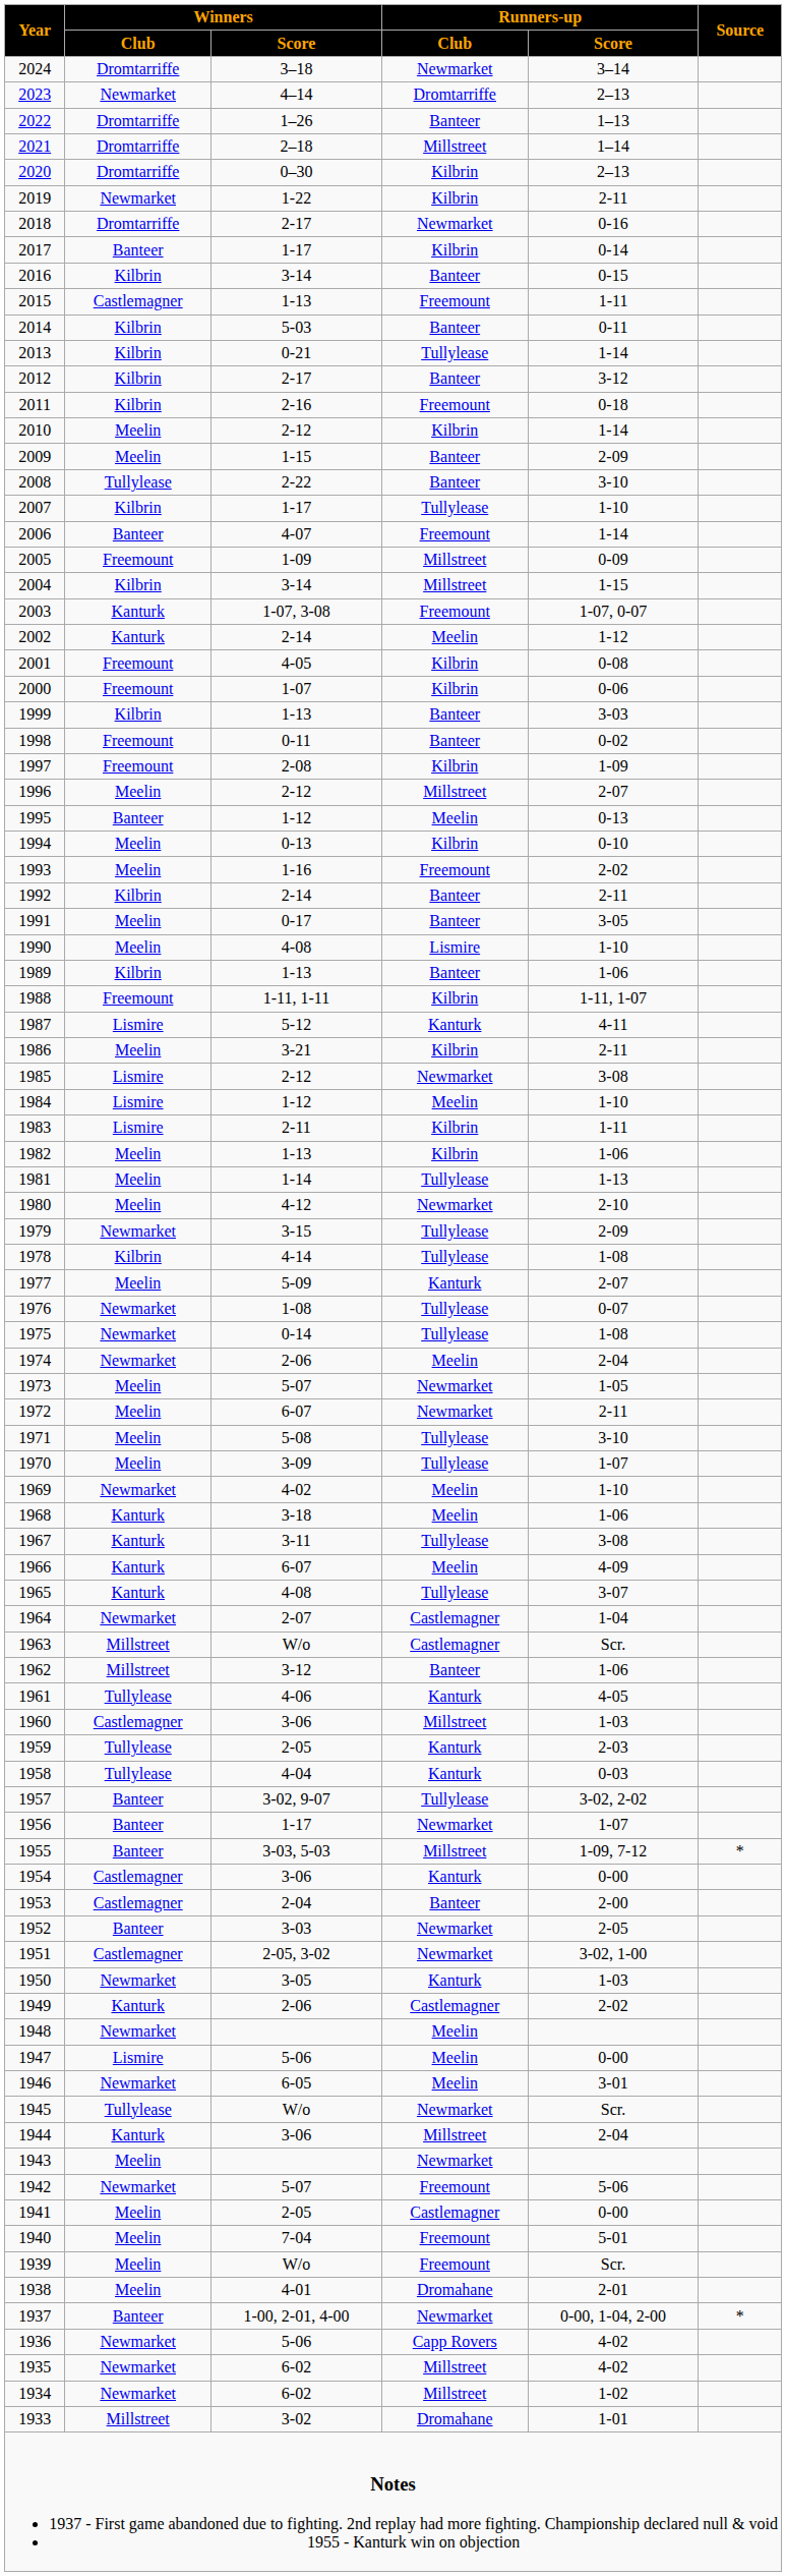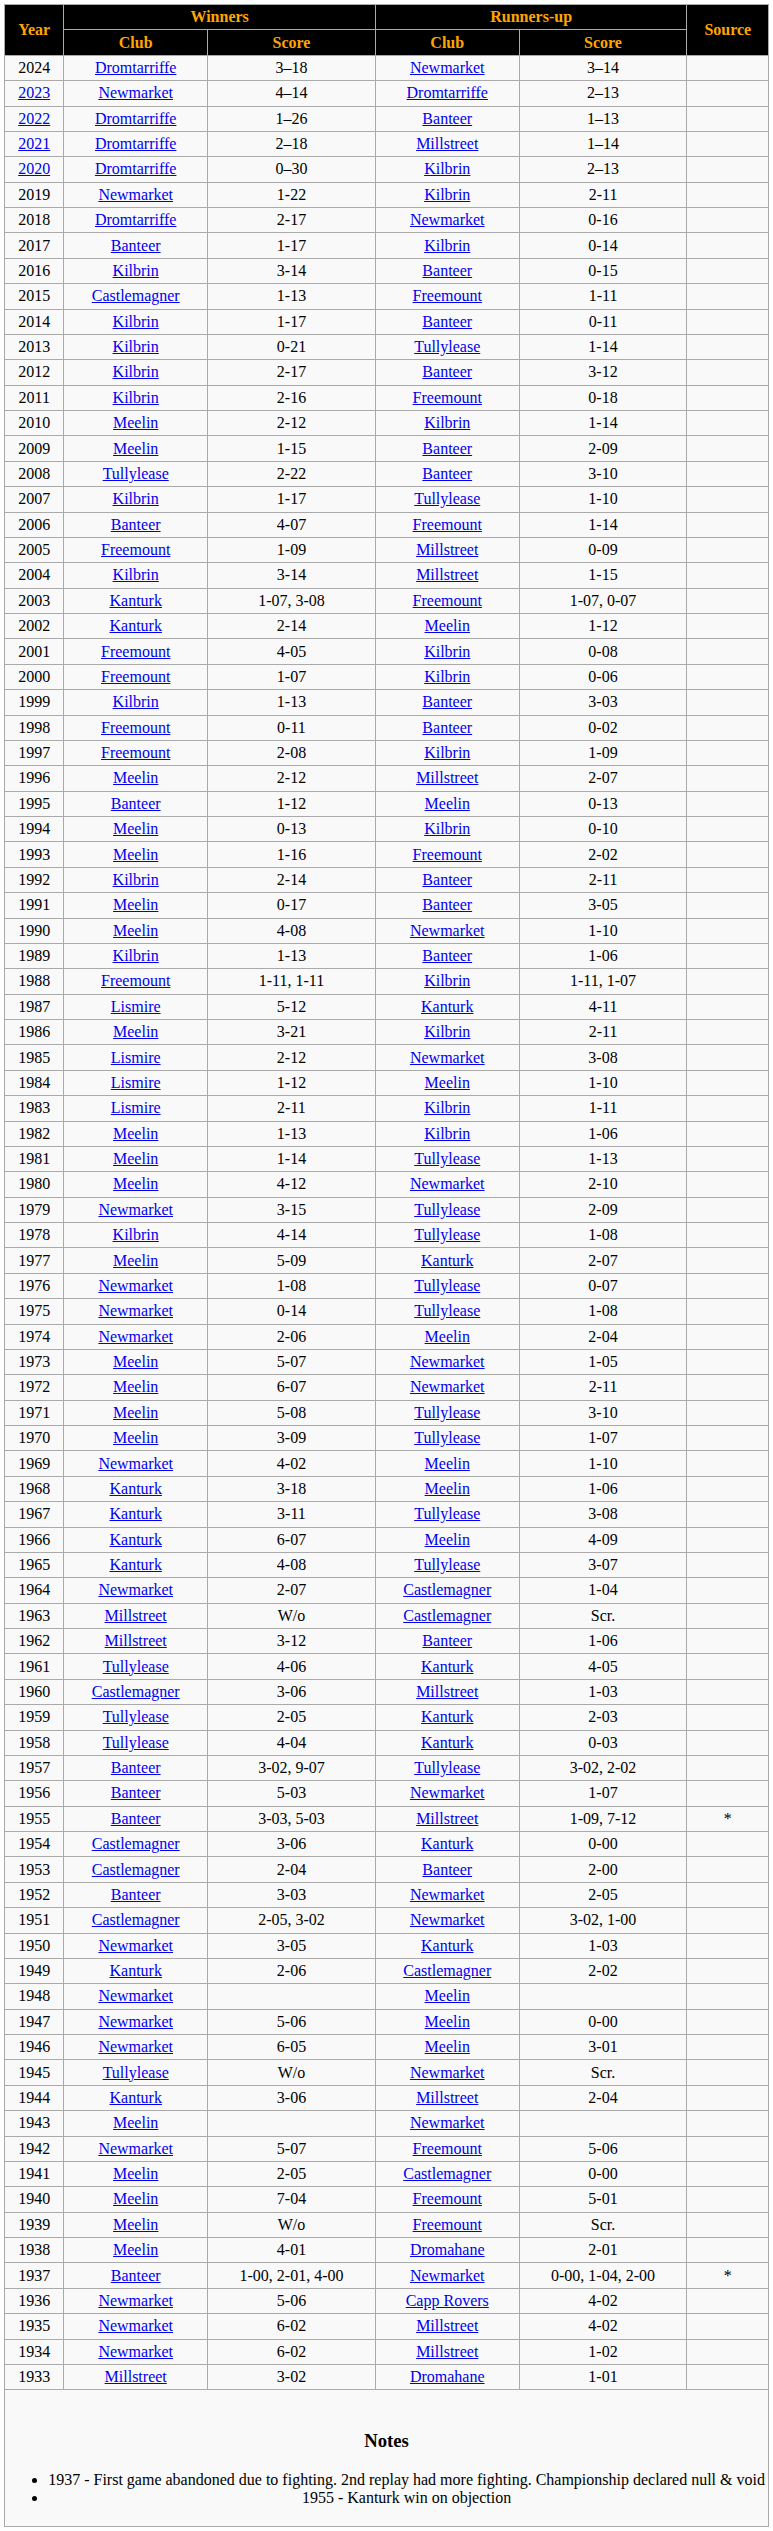 <table class="wikitable sortable" style="text-align:center">
 <tr>
 <th rowspan="2" style="background:black;color:orange">Year</th>
 <th colspan="2" style="background:black;color:orange">Winners</th>
 <th colspan="2" style="background:black;color:orange">Runners-up</th>
 <th rowspan="2" ! style="background:black;color:orange">Source</th>
 </tr>
 <tr>
 <th style="background:black;color:orange">Club</th>
 <th style="background:black;color:orange">Score</th>
 <th style="background:black;color:orange">Club</th>
 <th style="background:black;color:orange">Score</th>
 </tr>
 <tr>
 <td>2024</td>
 <td><a href='#'>Dromtarriffe</a></td>
 <td>3–18</td>
 <td><a href='#'>Newmarket</a></td>
 <td>3–14</td>
 <td></td>
 </tr>
 <tr>
 <td><a href='#'>2023</a></td>
 <td><a href='#'>Newmarket</a></td>
 <td>4–14</td>
 <td><a href='#'>Dromtarriffe</a></td>
 <td>2–13</td>
 <td></td>
 </tr>
 <tr>
 <td><a href='#'>2022</a></td>
 <td><a href='#'>Dromtarriffe</a></td>
 <td>1–26</td>
 <td><a href='#'>Banteer</a></td>
 <td>1–13</td>
 <td></td>
 </tr>
 <tr>
 <td><a href='#'>2021</a></td>
 <td><a href='#'>Dromtarriffe</a></td>
 <td>2–18</td>
 <td><a href='#'>Millstreet</a></td>
 <td>1–14</td>
 <td></td>
 </tr>
 <tr>
 <td><a href='#'>2020</a></td>
 <td><a href='#'>Dromtarriffe</a></td>
 <td>0–30</td>
 <td><a href='#'>Kilbrin</a></td>
 <td>2–13</td>
 <td></td>
 </tr>
 <tr>
 <td>2019</td>
 <td><a href='#'>Newmarket</a></td>
 <td>1-22</td>
 <td><a href='#'>Kilbrin</a></td>
 <td>2-11</td>
 <td></td>
 </tr>
 <tr>
 <td>2018</td>
 <td><a href='#'>Dromtarriffe</a></td>
 <td>2-17</td>
 <td><a href='#'>Newmarket</a></td>
 <td>0-16</td>
 <td></td>
 </tr>
 <tr>
 <td>2017</td>
 <td><a href='#'>Banteer</a></td>
 <td>1-17</td>
 <td><a href='#'>Kilbrin</a></td>
 <td>0-14</td>
 <td></td>
 </tr>
 <tr>
 <td>2016</td>
 <td><a href='#'>Kilbrin</a></td>
 <td>3-14</td>
 <td><a href='#'>Banteer</a></td>
 <td>0-15</td>
 <td></td>
 </tr>
 <tr>
 <td>2015</td>
 <td><a href='#'>Castlemagner</a></td>
 <td>1-13</td>
 <td><a href='#'>Freemount</a></td>
 <td>1-11</td>
 <td></td>
 </tr>
 <tr>
 <td>2014</td>
 <td><a href='#'>Kilbrin</a></td>
-<td>5-03</td>
+<td>1-17</td>
 <td><a href='#'>Banteer</a></td>
 <td>0-11</td>
 <td></td>
 </tr>
 <tr>
 <td>2013</td>
 <td><a href='#'>Kilbrin</a></td>
 <td>0-21</td>
 <td><a href='#'>Tullylease</a></td>
 <td>1-14</td>
 <td></td>
 </tr>
 <tr>
 <td>2012</td>
 <td><a href='#'>Kilbrin</a></td>
 <td>2-17</td>
 <td><a href='#'>Banteer</a></td>
 <td>3-12</td>
 <td></td>
 </tr>
 <tr>
 <td>2011</td>
 <td><a href='#'>Kilbrin</a></td>
 <td>2-16</td>
 <td><a href='#'>Freemount</a></td>
 <td>0-18</td>
 <td></td>
 </tr>
 <tr>
 <td>2010</td>
 <td><a href='#'>Meelin</a></td>
 <td>2-12</td>
 <td><a href='#'>Kilbrin</a></td>
 <td>1-14</td>
 <td></td>
 </tr>
 <tr>
 <td>2009</td>
 <td><a href='#'>Meelin</a></td>
 <td>1-15</td>
 <td><a href='#'>Banteer</a></td>
 <td>2-09</td>
 <td></td>
 </tr>
 <tr>
 <td>2008</td>
 <td><a href='#'>Tullylease</a></td>
 <td>2-22</td>
 <td><a href='#'>Banteer</a></td>
 <td>3-10</td>
 <td></td>
 </tr>
 <tr>
 <td>2007</td>
 <td><a href='#'>Kilbrin</a></td>
 <td>1-17</td>
 <td><a href='#'>Tullylease</a></td>
 <td>1-10</td>
 <td></td>
 </tr>
 <tr>
 <td>2006</td>
 <td><a href='#'>Banteer</a></td>
 <td>4-07</td>
 <td><a href='#'>Freemount</a></td>
 <td>1-14</td>
 <td></td>
 </tr>
 <tr>
 <td>2005</td>
 <td><a href='#'>Freemount</a></td>
 <td>1-09</td>
 <td><a href='#'>Millstreet</a></td>
 <td>0-09</td>
 <td></td>
 </tr>
 <tr>
 <td>2004</td>
 <td><a href='#'>Kilbrin</a></td>
 <td>3-14</td>
 <td><a href='#'>Millstreet</a></td>
 <td>1-15</td>
 <td></td>
 </tr>
 <tr>
 <td>2003</td>
 <td><a href='#'>Kanturk</a></td>
 <td>1-07, 3-08</td>
 <td><a href='#'>Freemount</a></td>
 <td>1-07, 0-07</td>
 <td></td>
 </tr>
 <tr>
 <td>2002</td>
 <td><a href='#'>Kanturk</a></td>
 <td>2-14</td>
 <td><a href='#'>Meelin</a></td>
 <td>1-12</td>
 <td></td>
 </tr>
 <tr>
 <td>2001</td>
 <td><a href='#'>Freemount</a></td>
 <td>4-05</td>
 <td><a href='#'>Kilbrin</a></td>
 <td>0-08</td>
 <td></td>
 </tr>
 <tr>
 <td>2000</td>
 <td><a href='#'>Freemount</a></td>
 <td>1-07</td>
 <td><a href='#'>Kilbrin</a></td>
 <td>0-06</td>
 <td></td>
 </tr>
 <tr>
 <td>1999</td>
 <td><a href='#'>Kilbrin</a></td>
 <td>1-13</td>
 <td><a href='#'>Banteer</a></td>
 <td>3-03</td>
 <td></td>
 </tr>
 <tr>
 <td>1998</td>
 <td><a href='#'>Freemount</a></td>
 <td>0-11</td>
 <td><a href='#'>Banteer</a></td>
 <td>0-02</td>
 <td></td>
 </tr>
 <tr>
 <td>1997</td>
 <td><a href='#'>Freemount</a></td>
 <td>2-08</td>
 <td><a href='#'>Kilbrin</a></td>
 <td>1-09</td>
 <td></td>
 </tr>
 <tr>
 <td>1996</td>
 <td><a href='#'>Meelin</a></td>
 <td>2-12</td>
 <td><a href='#'>Millstreet</a></td>
 <td>2-07</td>
 <td></td>
 </tr>
 <tr>
 <td>1995</td>
 <td><a href='#'>Banteer</a></td>
 <td>1-12</td>
 <td><a href='#'>Meelin</a></td>
 <td>0-13</td>
 <td></td>
 </tr>
 <tr>
 <td>1994</td>
 <td><a href='#'>Meelin</a></td>
 <td>0-13</td>
 <td><a href='#'>Kilbrin</a></td>
 <td>0-10</td>
 <td></td>
 </tr>
 <tr>
 <td>1993</td>
 <td><a href='#'>Meelin</a></td>
 <td>1-16</td>
 <td><a href='#'>Freemount</a></td>
 <td>2-02</td>
 <td></td>
 </tr>
 <tr>
 <td>1992</td>
 <td><a href='#'>Kilbrin</a></td>
 <td>2-14</td>
 <td><a href='#'>Banteer</a></td>
 <td>2-11</td>
 <td></td>
 </tr>
 <tr>
 <td>1991</td>
 <td><a href='#'>Meelin</a></td>
 <td>0-17</td>
 <td><a href='#'>Banteer</a></td>
 <td>3-05</td>
 <td></td>
 </tr>
 <tr>
 <td>1990</td>
 <td><a href='#'>Meelin</a></td>
 <td>4-08</td>
-<td><a href='#'>Lismire</a></td>
+<td><a href='#'>Newmarket</a></td>
 <td>1-10</td>
 <td></td>
 </tr>
 <tr>
 <td>1989</td>
 <td><a href='#'>Kilbrin</a></td>
 <td>1-13</td>
 <td><a href='#'>Banteer</a></td>
 <td>1-06</td>
 <td></td>
 </tr>
 <tr>
 <td>1988</td>
 <td><a href='#'>Freemount</a></td>
 <td>1-11, 1-11</td>
 <td><a href='#'>Kilbrin</a></td>
 <td>1-11, 1-07</td>
 <td></td>
 </tr>
 <tr>
 <td>1987</td>
 <td><a href='#'>Lismire</a></td>
 <td>5-12</td>
 <td><a href='#'>Kanturk</a></td>
 <td>4-11</td>
 <td></td>
 </tr>
 <tr>
 <td>1986</td>
 <td><a href='#'>Meelin</a></td>
 <td>3-21</td>
 <td><a href='#'>Kilbrin</a></td>
 <td>2-11</td>
 <td></td>
 </tr>
 <tr>
 <td>1985</td>
 <td><a href='#'>Lismire</a></td>
 <td>2-12</td>
 <td><a href='#'>Newmarket</a></td>
 <td>3-08</td>
 <td></td>
 </tr>
 <tr>
 <td>1984</td>
 <td><a href='#'>Lismire</a></td>
 <td>1-12</td>
 <td><a href='#'>Meelin</a></td>
 <td>1-10</td>
 <td></td>
 </tr>
 <tr>
 <td>1983</td>
 <td><a href='#'>Lismire</a></td>
 <td>2-11</td>
 <td><a href='#'>Kilbrin</a></td>
 <td>1-11</td>
 <td></td>
 </tr>
 <tr>
 <td>1982</td>
 <td><a href='#'>Meelin</a></td>
 <td>1-13</td>
 <td><a href='#'>Kilbrin</a></td>
 <td>1-06</td>
 <td></td>
 </tr>
 <tr>
 <td>1981</td>
 <td><a href='#'>Meelin</a></td>
 <td>1-14</td>
 <td><a href='#'>Tullylease</a></td>
 <td>1-13</td>
 <td></td>
 </tr>
 <tr>
 <td>1980</td>
 <td><a href='#'>Meelin</a></td>
 <td>4-12</td>
 <td><a href='#'>Newmarket</a></td>
 <td>2-10</td>
 <td></td>
 </tr>
 <tr>
 <td>1979</td>
 <td><a href='#'>Newmarket</a></td>
 <td>3-15</td>
 <td><a href='#'>Tullylease</a></td>
 <td>2-09</td>
 <td></td>
 </tr>
 <tr>
 <td>1978</td>
 <td><a href='#'>Kilbrin</a></td>
 <td>4-14</td>
 <td><a href='#'>Tullylease</a></td>
 <td>1-08</td>
 <td></td>
 </tr>
 <tr>
 <td>1977</td>
 <td><a href='#'>Meelin</a></td>
 <td>5-09</td>
 <td><a href='#'>Kanturk</a></td>
 <td>2-07</td>
 <td></td>
 </tr>
 <tr>
 <td>1976</td>
 <td><a href='#'>Newmarket</a></td>
 <td>1-08</td>
 <td><a href='#'>Tullylease</a></td>
 <td>0-07</td>
 <td></td>
 </tr>
 <tr>
 <td>1975</td>
 <td><a href='#'>Newmarket</a></td>
 <td>0-14</td>
 <td><a href='#'>Tullylease</a></td>
 <td>1-08</td>
 <td></td>
 </tr>
 <tr>
 <td>1974</td>
 <td><a href='#'>Newmarket</a></td>
 <td>2-06</td>
 <td><a href='#'>Meelin</a></td>
 <td>2-04</td>
 <td></td>
 </tr>
 <tr>
 <td>1973</td>
 <td><a href='#'>Meelin</a></td>
 <td>5-07</td>
 <td><a href='#'>Newmarket</a></td>
 <td>1-05</td>
 <td></td>
 </tr>
 <tr>
 <td>1972</td>
 <td><a href='#'>Meelin</a></td>
 <td>6-07</td>
 <td><a href='#'>Newmarket</a></td>
 <td>2-11</td>
 <td></td>
 </tr>
 <tr>
 <td>1971</td>
 <td><a href='#'>Meelin</a></td>
 <td>5-08</td>
 <td><a href='#'>Tullylease</a></td>
 <td>3-10</td>
 <td></td>
 </tr>
 <tr>
 <td>1970</td>
 <td><a href='#'>Meelin</a></td>
 <td>3-09</td>
 <td><a href='#'>Tullylease</a></td>
 <td>1-07</td>
 <td></td>
 </tr>
 <tr>
 <td>1969</td>
 <td><a href='#'>Newmarket</a></td>
 <td>4-02</td>
 <td><a href='#'>Meelin</a></td>
 <td>1-10</td>
 <td></td>
 </tr>
 <tr>
 <td>1968</td>
 <td><a href='#'>Kanturk</a></td>
 <td>3-18</td>
 <td><a href='#'>Meelin</a></td>
 <td>1-06</td>
 <td></td>
 </tr>
 <tr>
 <td>1967</td>
 <td><a href='#'>Kanturk</a></td>
 <td>3-11</td>
 <td><a href='#'>Tullylease</a></td>
 <td>3-08</td>
 <td></td>
 </tr>
 <tr>
 <td>1966</td>
 <td><a href='#'>Kanturk</a></td>
 <td>6-07</td>
 <td><a href='#'>Meelin</a></td>
 <td>4-09</td>
 <td></td>
 </tr>
 <tr>
 <td>1965</td>
 <td><a href='#'>Kanturk</a></td>
 <td>4-08</td>
 <td><a href='#'>Tullylease</a></td>
 <td>3-07</td>
 <td></td>
 </tr>
 <tr>
 <td>1964</td>
 <td><a href='#'>Newmarket</a></td>
 <td>2-07</td>
 <td><a href='#'>Castlemagner</a></td>
 <td>1-04</td>
 <td></td>
 </tr>
 <tr>
 <td>1963</td>
 <td><a href='#'>Millstreet</a></td>
 <td>W/o</td>
 <td><a href='#'>Castlemagner</a></td>
 <td>Scr.</td>
 <td></td>
 </tr>
 <tr>
 <td>1962</td>
 <td><a href='#'>Millstreet</a></td>
 <td>3-12</td>
 <td><a href='#'>Banteer</a></td>
 <td>1-06</td>
 <td></td>
 </tr>
 <tr>
 <td>1961</td>
 <td><a href='#'>Tullylease</a></td>
 <td>4-06</td>
 <td><a href='#'>Kanturk</a></td>
 <td>4-05</td>
 <td></td>
 </tr>
 <tr>
 <td>1960</td>
 <td><a href='#'>Castlemagner</a></td>
 <td>3-06</td>
 <td><a href='#'>Millstreet</a></td>
 <td>1-03</td>
 <td></td>
 </tr>
 <tr>
 <td>1959</td>
 <td><a href='#'>Tullylease</a></td>
 <td>2-05</td>
 <td><a href='#'>Kanturk</a></td>
 <td>2-03</td>
 <td></td>
 </tr>
 <tr>
 <td>1958</td>
 <td><a href='#'>Tullylease</a></td>
 <td>4-04</td>
 <td><a href='#'>Kanturk</a></td>
 <td>0-03</td>
 <td></td>
 </tr>
 <tr>
 <td>1957</td>
 <td><a href='#'>Banteer</a></td>
 <td>3-02, 9-07</td>
 <td><a href='#'>Tullylease</a></td>
 <td>3-02, 2-02</td>
 <td></td>
 </tr>
 <tr>
 <td>1956</td>
 <td><a href='#'>Banteer</a></td>
-<td>1-17</td>
+<td>5-03</td>
 <td><a href='#'>Newmarket</a></td>
 <td>1-07</td>
 <td></td>
 </tr>
 <tr>
 <td>1955</td>
 <td><a href='#'>Banteer</a></td>
 <td>3-03, 5-03</td>
 <td><a href='#'>Millstreet</a></td>
 <td>1-09, 7-12</td>
 <td>*</td>
 </tr>
 <tr>
 <td>1954</td>
 <td><a href='#'>Castlemagner</a></td>
 <td>3-06</td>
 <td><a href='#'>Kanturk</a></td>
 <td>0-00</td>
 <td></td>
 </tr>
 <tr>
 <td>1953</td>
 <td><a href='#'>Castlemagner</a></td>
 <td>2-04</td>
 <td><a href='#'>Banteer</a></td>
 <td>2-00</td>
 <td></td>
 </tr>
 <tr>
 <td>1952</td>
 <td><a href='#'>Banteer</a></td>
 <td>3-03</td>
 <td><a href='#'>Newmarket</a></td>
 <td>2-05</td>
 <td></td>
 </tr>
 <tr>
 <td>1951</td>
 <td><a href='#'>Castlemagner</a></td>
 <td>2-05, 3-02</td>
 <td><a href='#'>Newmarket</a></td>
 <td>3-02, 1-00</td>
 <td></td>
 </tr>
 <tr>
 <td>1950</td>
 <td><a href='#'>Newmarket</a></td>
 <td>3-05</td>
 <td><a href='#'>Kanturk</a></td>
 <td>1-03</td>
 <td></td>
 </tr>
 <tr>
 <td>1949</td>
 <td><a href='#'>Kanturk</a></td>
 <td>2-06</td>
 <td><a href='#'>Castlemagner</a></td>
 <td>2-02</td>
 <td></td>
 </tr>
 <tr>
 <td>1948</td>
 <td><a href='#'>Newmarket</a></td>
 <td></td>
 <td><a href='#'>Meelin</a></td>
 <td></td>
 <td></td>
 </tr>
 <tr>
 <td>1947</td>
-<td><a href='#'>Lismire</a></td>
+<td><a href='#'>Newmarket</a></td>
 <td>5-06</td>
 <td><a href='#'>Meelin</a></td>
 <td>0-00</td>
 <td></td>
 </tr>
 <tr>
 <td>1946</td>
 <td><a href='#'>Newmarket</a></td>
 <td>6-05</td>
 <td><a href='#'>Meelin</a></td>
 <td>3-01</td>
 <td></td>
 </tr>
 <tr>
 <td>1945</td>
 <td><a href='#'>Tullylease</a></td>
 <td>W/o</td>
 <td><a href='#'>Newmarket</a></td>
 <td>Scr.</td>
 <td></td>
 </tr>
 <tr>
 <td>1944</td>
 <td><a href='#'>Kanturk</a></td>
 <td>3-06</td>
 <td><a href='#'>Millstreet</a></td>
 <td>2-04</td>
 <td></td>
 </tr>
 <tr>
 <td>1943</td>
 <td><a href='#'>Meelin</a></td>
 <td></td>
 <td><a href='#'>Newmarket</a></td>
 <td></td>
 <td></td>
 </tr>
 <tr>
 <td>1942</td>
 <td><a href='#'>Newmarket</a></td>
 <td>5-07</td>
 <td><a href='#'>Freemount</a></td>
 <td>5-06</td>
 <td></td>
 </tr>
 <tr>
 <td>1941</td>
 <td><a href='#'>Meelin</a></td>
 <td>2-05</td>
 <td><a href='#'>Castlemagner</a></td>
 <td>0-00</td>
 <td></td>
 </tr>
 <tr>
 <td>1940</td>
 <td><a href='#'>Meelin</a></td>
 <td>7-04</td>
 <td><a href='#'>Freemount</a></td>
 <td>5-01</td>
 <td></td>
 </tr>
 <tr>
 <td>1939</td>
 <td><a href='#'>Meelin</a></td>
 <td>W/o</td>
 <td><a href='#'>Freemount</a></td>
 <td>Scr.</td>
 <td></td>
 </tr>
 <tr>
 <td>1938</td>
 <td><a href='#'>Meelin</a></td>
 <td>4-01</td>
 <td><a href='#'>Dromahane</a></td>
 <td>2-01</td>
 <td></td>
 </tr>
 <tr>
 <td>1937</td>
 <td><a href='#'>Banteer</a></td>
 <td>1-00, 2-01, 4-00</td>
 <td><a href='#'>Newmarket</a></td>
 <td>0-00, 1-04, 2-00</td>
 <td>*</td>
 </tr>
 <tr>
 <td>1936</td>
 <td><a href='#'>Newmarket</a></td>
 <td>5-06</td>
 <td><a href='#'>Capp Rovers</a></td>
 <td>4-02</td>
 <td></td>
 </tr>
 <tr>
 <td>1935</td>
 <td><a href='#'>Newmarket</a></td>
 <td>6-02</td>
 <td><a href='#'>Millstreet</a></td>
 <td>4-02</td>
 <td></td>
 </tr>
 <tr>
 <td>1934</td>
 <td><a href='#'>Newmarket</a></td>
 <td>6-02</td>
 <td><a href='#'>Millstreet</a></td>
 <td>1-02</td>
 <td></td>
 </tr>
 <tr>
 <td>1933</td>
 <td><a href='#'>Millstreet</a></td>
 <td>3-02</td>
 <td><a href='#'>Dromahane</a></td>
 <td>1-01</td>
 <td></td>
 </tr>
 <tr>
 <td colspan="6"><br><h3>Notes</h3><ul><li>1937 - First game abandoned due to fighting. 2nd replay had more fighting. Championship declared null & void</li><li>1955 - Kanturk win on objection</li></ul></td>
 </tr>
 </table>
